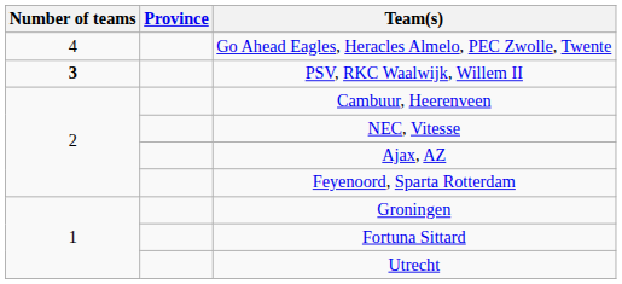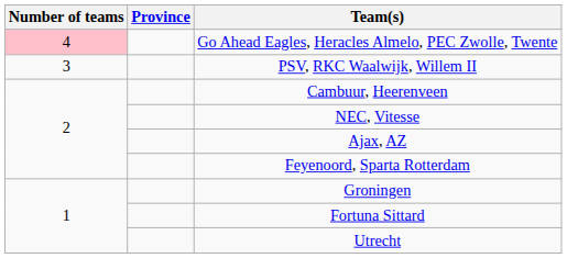 <table class="wikitable" style="text-align:center">
 <tr>
 <th>Number of teams</th>
 <th><a href='#'>Province</a></th>
 <th>Team(s)</th>
 </tr>
 <tr>
-<td>4</td>
+<td style="background: pink;">4</td>
 <td align="left"></td>
 <td><a href='#'>Go Ahead Eagles</a>, <a href='#'>Heracles Almelo</a>, <a href='#'>PEC Zwolle</a>, <a href='#'>Twente</a></td>
 </tr>
 <tr>
-<td><strong>3</strong></td>
+<td>3</td>
 <td align="left"></td>
 <td><a href='#'>PSV</a>, <a href='#'>RKC Waalwijk</a>, <a href='#'>Willem II</a></td>
 </tr>
 <tr>
 <td rowspan="4">2</td>
 <td align="left"></td>
 <td><a href='#'>Cambuur</a>, <a href='#'>Heerenveen</a></td>
 </tr>
 <tr>
 <td align="left"></td>
 <td><a href='#'>NEC</a>, <a href='#'>Vitesse</a></td>
 </tr>
 <tr>
 <td align="left"></td>
 <td><a href='#'>Ajax</a>, <a href='#'>AZ</a></td>
 </tr>
 <tr>
 <td align="left"></td>
 <td><a href='#'>Feyenoord</a>, <a href='#'>Sparta Rotterdam</a></td>
 </tr>
 <tr>
 <td rowspan="3">1</td>
 <td align="left"></td>
 <td><a href='#'>Groningen</a></td>
 </tr>
 <tr>
 <td align="left"></td>
 <td><a href='#'>Fortuna Sittard</a></td>
 </tr>
 <tr>
 <td align="left"></td>
 <td><a href='#'>Utrecht</a></td>
 </tr>
 </table>
